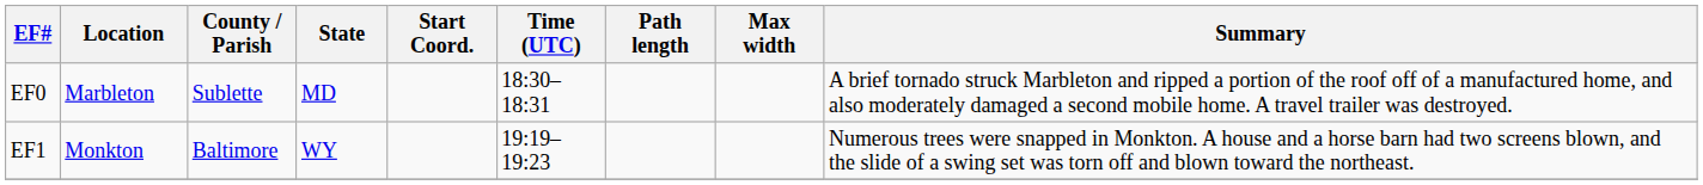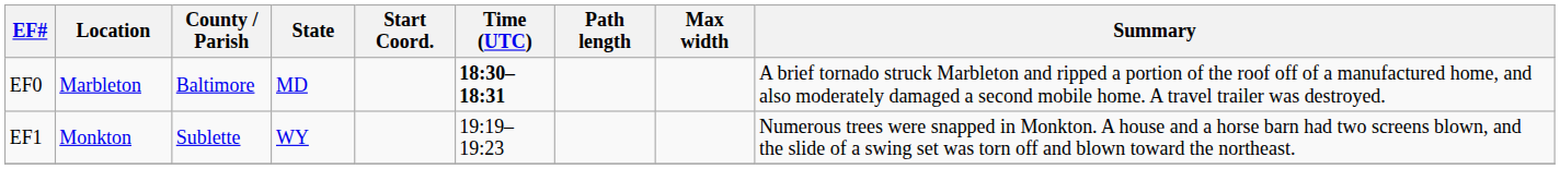 <table class="wikitable sortable" style="width:100%;">
 <tr>
 <th scope="col"  style="width:3%; text-align:center;"><a href='#'>EF#</a></th>
 <th scope="col"  style="width:7%; text-align:center;" class="unsortable">Location</th>
 <th scope="col"  style="width:6%; text-align:center;" class="unsortable">County / Parish</th>
 <th scope="col"  style="width:5%; text-align:center;">State</th>
 <th scope="col"  style="width:6%; text-align:center;">Start Coord.</th>
 <th scope="col"  style="width:6%; text-align:center;">Time (<a href='#'>UTC</a>)</th>
 <th scope="col"  style="width:6%; text-align:center;">Path length</th>
 <th scope="col"  style="width:6%; text-align:center;">Max width</th>
 <th scope="col" class="unsortable" style="width:48%; text-align:center;">Summary</th>
 </tr>
 <tr>
 <td>EF0</td>
 <td><a href='#'>Marbleton</a></td>
-<td><a href='#'>Sublette</a></td>
+<td><a href='#'>Baltimore</a></td>
 <td><a href='#'>MD</a></td>
 <td></td>
-<td>18:30–18:31</td>
+<td><strong>18:30–18:31</strong></td>
 <td></td>
 <td></td>
 <td>A brief tornado struck Marbleton and ripped a portion of the roof off of a manufactured home, and also moderately damaged a second mobile home. A travel trailer was destroyed.</td>
 </tr>
 <tr>
 <td>EF1</td>
 <td><a href='#'>Monkton</a></td>
-<td><a href='#'>Baltimore</a></td>
+<td><a href='#'>Sublette</a></td>
 <td><a href='#'>WY</a></td>
 <td></td>
 <td>19:19–19:23</td>
 <td></td>
 <td></td>
 <td>Numerous trees were snapped in Monkton. A house and a horse barn had two screens blown, and the slide of a swing set was torn off and blown toward the northeast.</td>
 </tr>
 <tr>
 </tr>
 </table>
